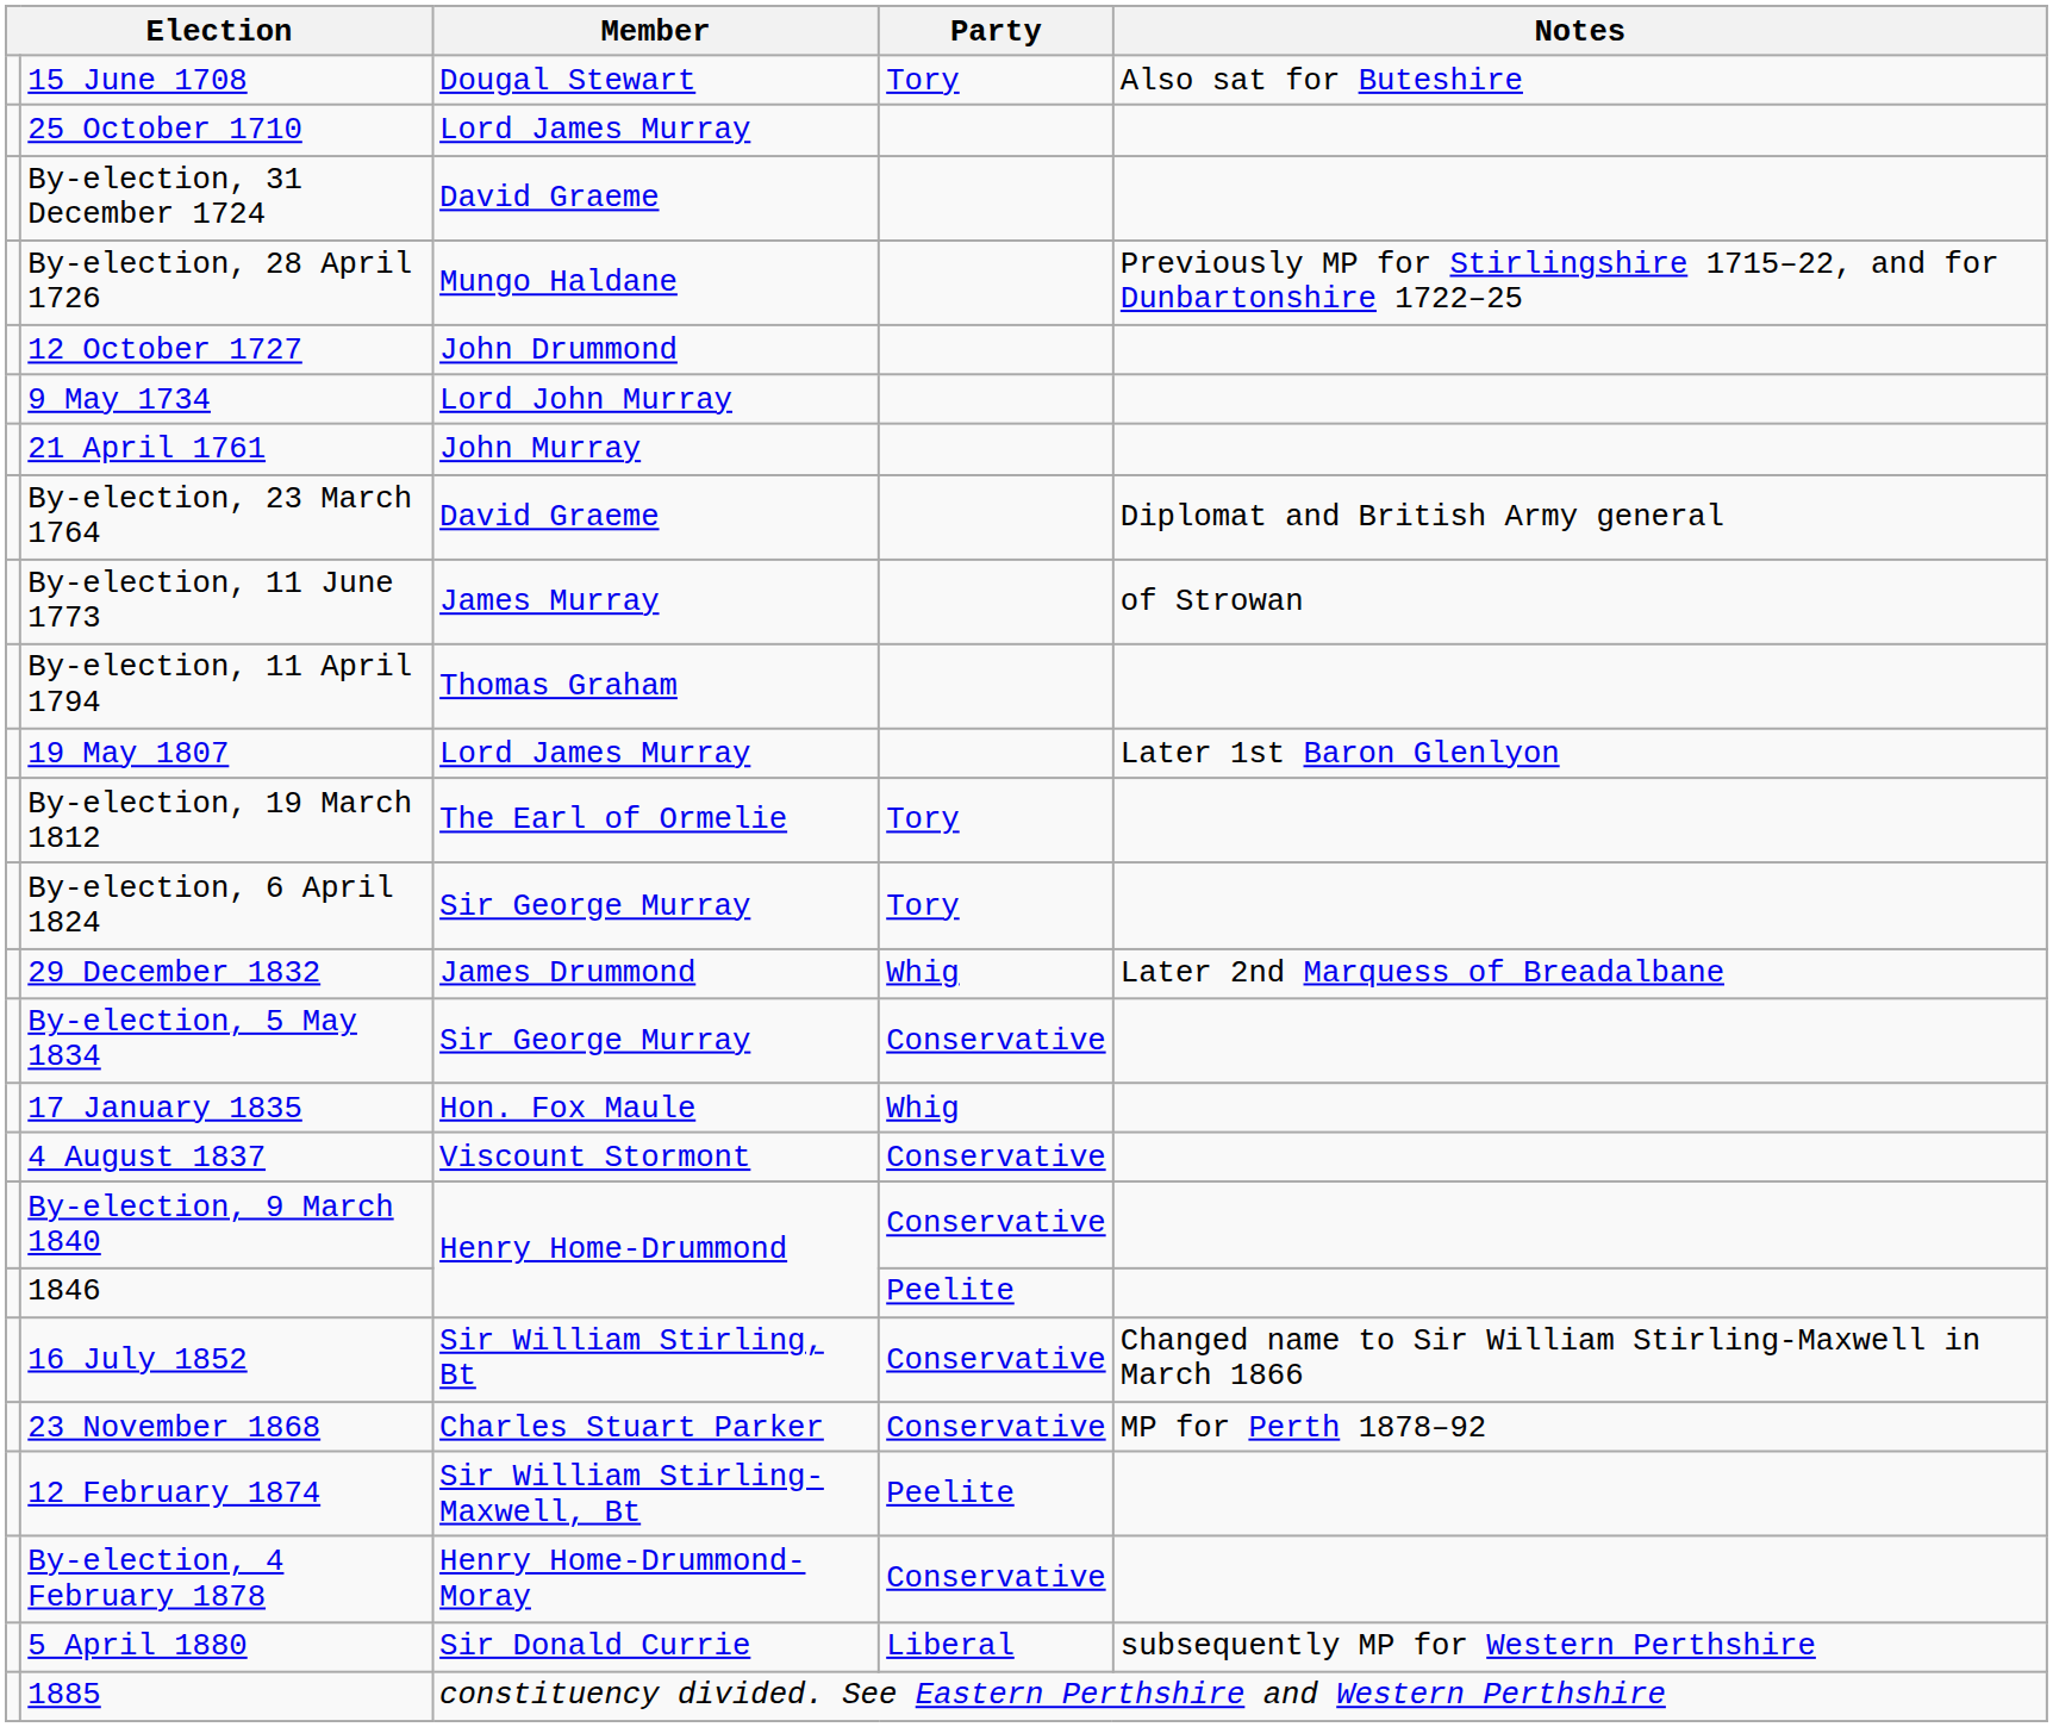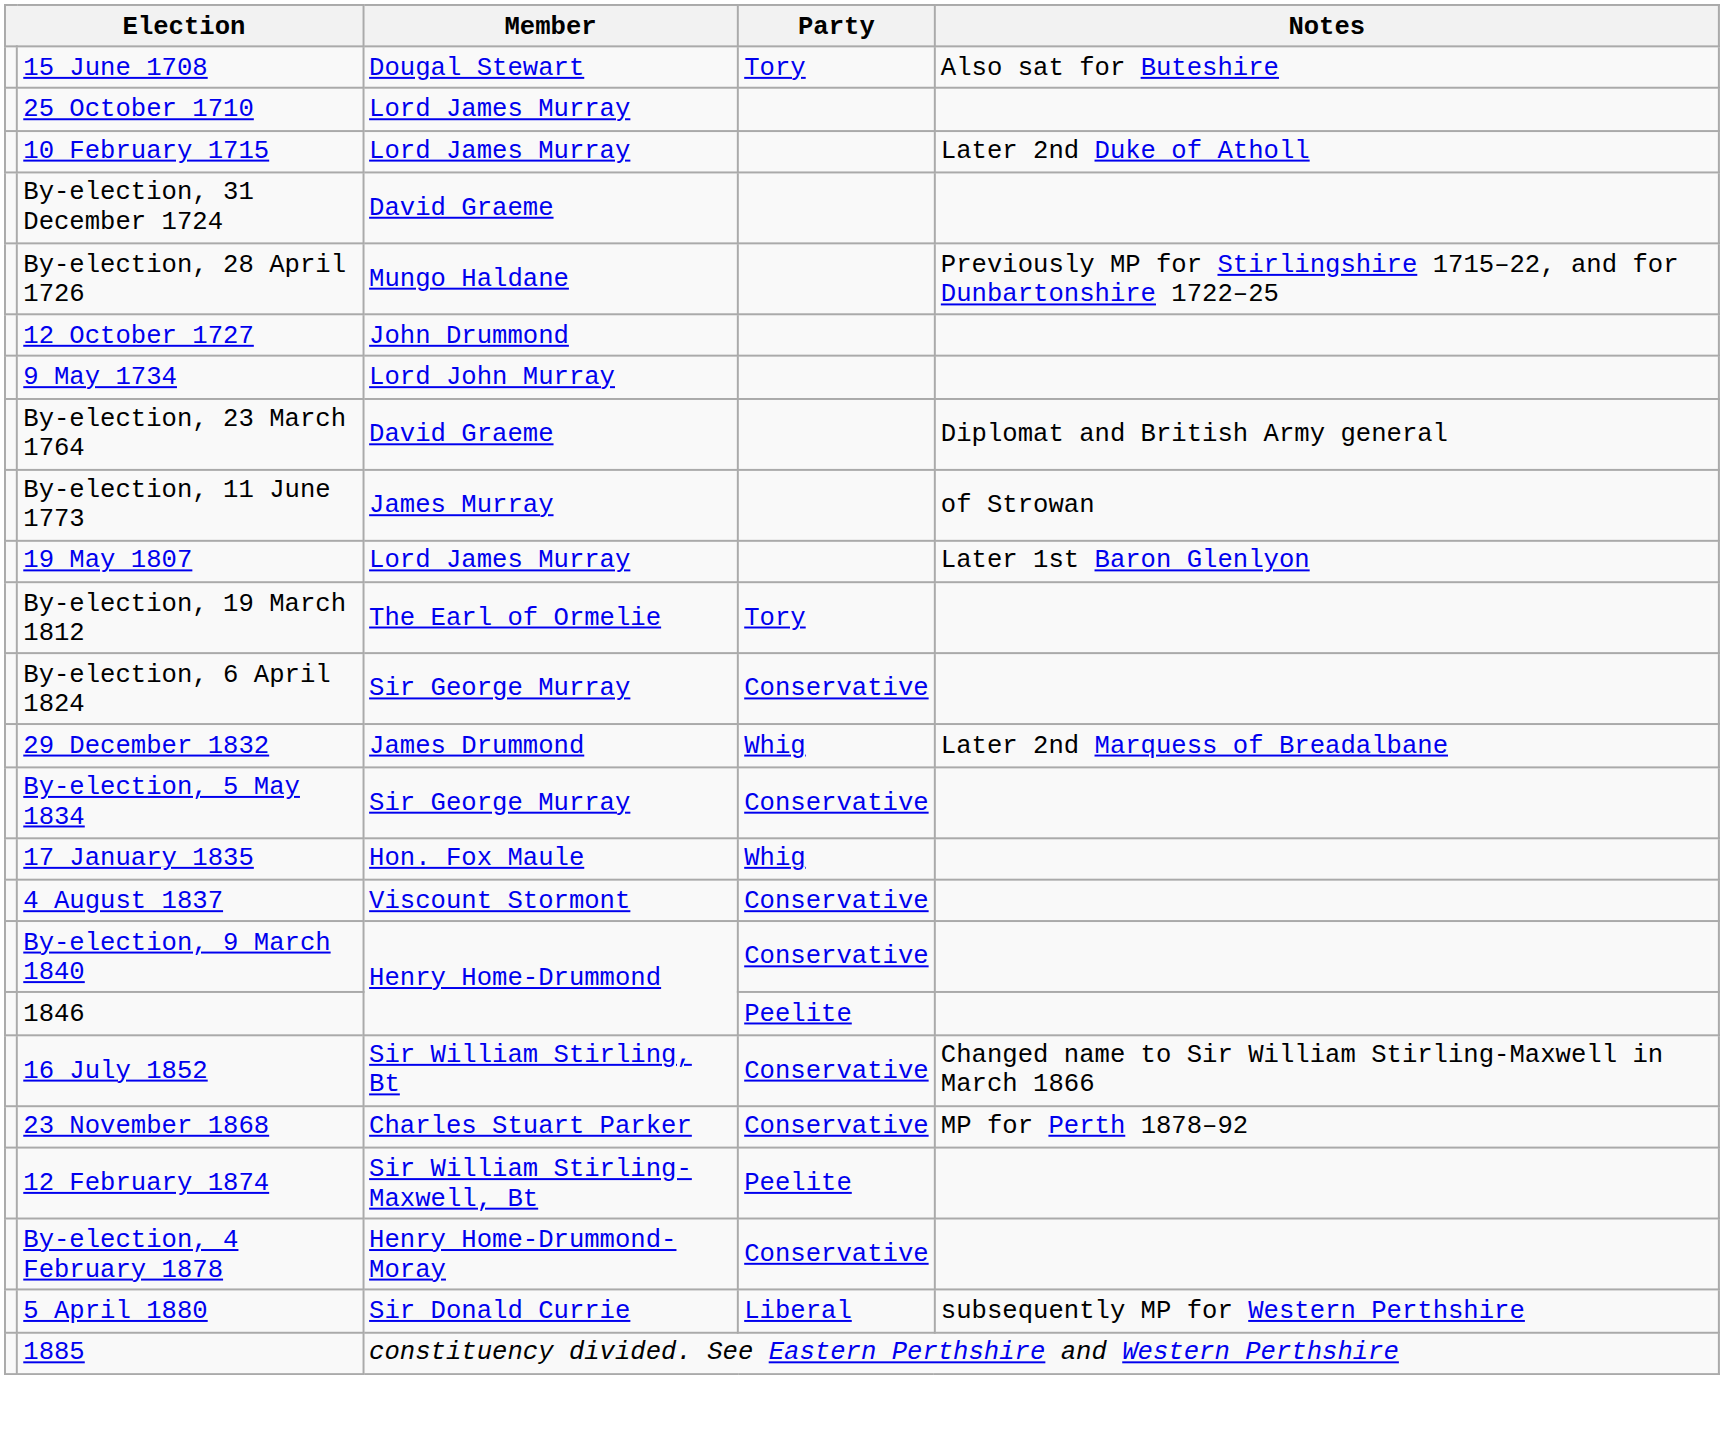 <table class="wikitable">
 <tr>
 <th colspan="2">Election</th>
 <th>Member</th>
 <th>Party</th>
 <th>Notes</th>
 </tr>
 <tr>
 <td style="color:inherit;background-color: "></td>
 <td><a href='#'>15 June 1708</a></td>
 <td><a href='#'>Dougal Stewart</a></td>
 <td><a href='#'>Tory</a></td>
 <td>Also sat for <a href='#'>Buteshire</a></td>
 </tr>
 <tr>
 <td style="color:inherit;background-color: "></td>
 <td><a href='#'>25 October 1710</a></td>
 <td><a href='#'>Lord James Murray</a> </td>
 <td></td>
 <td></td>
+</tr>
+<tr>
+<td style="color:inherit;background-color: "></td>
+<td><a href='#'>10 February 1715</a></td>
+<td><a href='#'>Lord James Murray</a></td>
+<td></td>
+<td>Later 2nd <a href='#'>Duke of Atholl</a></td>
 </tr>
 <tr>
 <td style="color:inherit;background-color: "></td>
 <td>By-election, 31 December 1724</td>
 <td><a href='#'>David Graeme</a>	</td>
 <td></td>
 <td></td>
 </tr>
 <tr>
 <td style="color:inherit;background-color: "></td>
 <td>By-election, 28 April 1726</td>
 <td><a href='#'>Mungo Haldane</a> </td>
 <td></td>
 <td>Previously MP for <a href='#'>Stirlingshire</a> 1715–22, and for <a href='#'>Dunbartonshire</a> 1722–25</td>
 </tr>
 <tr>
 <td style="color:inherit;background-color: "></td>
 <td><a href='#'>12 October 1727</a></td>
 <td><a href='#'>John Drummond</a>	</td>
 <td></td>
 <td></td>
 </tr>
 <tr>
 <td style="color:inherit;background-color: "></td>
 <td><a href='#'>9 May 1734</a></td>
 <td><a href='#'>Lord John Murray</a>	</td>
 <td></td>
 <td></td>
 </tr>
 <tr>
 <td style="color:inherit;background-color: "></td>
-<td><a href='#'>21 April 1761</a></td>
-<td><a href='#'>John Murray</a></td>
-<td></td>
-<td></td>
-</tr>
-<tr>
-<td style="color:inherit;background-color: "></td>
 <td>By-election, 23 March 1764</td>
 <td><a href='#'>David Graeme</a>	 </td>
 <td></td>
 <td>Diplomat and British Army general</td>
 </tr>
 <tr>
 <td style="color:inherit;background-color: "></td>
 <td>By-election, 11 June 1773</td>
 <td><a href='#'>James Murray</a></td>
 <td></td>
 <td>of Strowan</td>
-</tr>
-<tr>
-<td style="color:inherit;background-color: "></td>
-<td>By-election, 11 April 1794</td>
-<td><a href='#'>Thomas Graham</a></td>
-<td></td>
-<td></td>
 </tr>
 <tr>
 <td style="color:inherit;background-color: "></td>
 <td><a href='#'>19 May 1807</a></td>
 <td><a href='#'>Lord James Murray</a></td>
 <td></td>
 <td>Later 1st <a href='#'>Baron Glenlyon</a></td>
 </tr>
 <tr>
 <td style="color:inherit;background-color: "></td>
 <td>By-election, 19 March 1812</td>
 <td><a href='#'>The Earl of Ormelie</a></td>
 <td><a href='#'>Tory</a></td>
 <td></td>
 </tr>
 <tr>
 <td style="color:inherit;background-color: "></td>
 <td>By-election, 6 April 1824</td>
 <td><a href='#'>Sir George Murray</a></td>
-<td><a href='#'>Tory</a></td>
+<td><a href='#'>Conservative</a></td>
 <td></td>
 </tr>
 <tr>
 <td style="color:inherit;background-color: "></td>
 <td><a href='#'>29 December 1832</a></td>
 <td><a href='#'>James Drummond</a></td>
 <td><a href='#'>Whig</a></td>
 <td>Later 2nd <a href='#'>Marquess of Breadalbane</a></td>
 </tr>
 <tr>
 <td style="color:inherit;background-color: "></td>
 <td><a href='#'>By-election, 5 May 1834</a></td>
 <td><a href='#'>Sir George Murray</a></td>
 <td><a href='#'>Conservative</a></td>
 <td></td>
 </tr>
 <tr>
 <td style="color:inherit;background-color: "></td>
 <td><a href='#'>17 January 1835</a></td>
 <td><a href='#'>Hon. Fox Maule</a></td>
 <td><a href='#'>Whig</a></td>
 <td></td>
 </tr>
 <tr>
 <td style="color:inherit;background-color: "></td>
 <td><a href='#'>4 August 1837</a></td>
 <td><a href='#'>Viscount Stormont</a></td>
 <td><a href='#'>Conservative</a></td>
 <td></td>
 </tr>
 <tr>
 <td style="color:inherit;background-color: "></td>
 <td><a href='#'>By-election, 9 March 1840</a></td>
 <td rowspan="2"><a href='#'>Henry Home-Drummond</a></td>
 <td><a href='#'>Conservative</a></td>
 <td></td>
 </tr>
 <tr>
 <td style="color:inherit;background-color: "></td>
 <td>1846</td>
 <td><a href='#'>Peelite</a></td>
 <td></td>
 </tr>
 <tr>
 <td style="color:inherit;background-color: "></td>
 <td><a href='#'>16 July 1852</a></td>
 <td><a href='#'>Sir William Stirling, Bt</a></td>
 <td><a href='#'>Conservative</a></td>
 <td>Changed name to Sir William Stirling-Maxwell in March 1866</td>
 </tr>
 <tr>
 <td style="color:inherit;background-color: "></td>
 <td><a href='#'>23 November 1868</a></td>
 <td><a href='#'>Charles Stuart Parker</a></td>
 <td><a href='#'>Conservative</a></td>
 <td>MP for <a href='#'>Perth</a> 1878–92</td>
 </tr>
 <tr>
 <td style="color:inherit;background-color: "></td>
 <td><a href='#'>12 February 1874</a></td>
 <td><a href='#'>Sir William Stirling-Maxwell, Bt</a></td>
 <td><a href='#'>Peelite</a></td>
 <td></td>
 </tr>
 <tr>
 <td style="color:inherit;background-color: "></td>
 <td><a href='#'>By-election, 4 February 1878</a></td>
 <td><a href='#'>Henry Home-Drummond-Moray</a></td>
 <td><a href='#'>Conservative</a></td>
 <td></td>
 </tr>
 <tr>
 <td style="color:inherit;background-color: "></td>
 <td><a href='#'>5 April 1880</a></td>
 <td><a href='#'>Sir Donald Currie</a></td>
 <td><a href='#'>Liberal</a></td>
 <td>subsequently MP for <a href='#'>Western Perthshire</a></td>
 </tr>
 <tr>
 <td></td>
 <td><a href='#'>1885</a></td>
 <td colspan="3"><em>constituency divided. See <a href='#'>Eastern Perthshire</a> and <a href='#'>Western Perthshire</a></em></td>
 </tr>
 </table>
